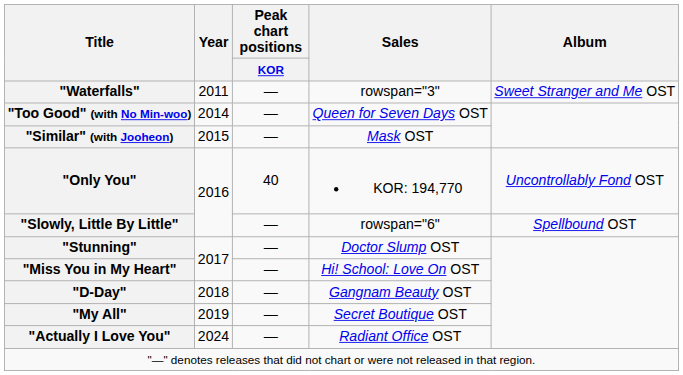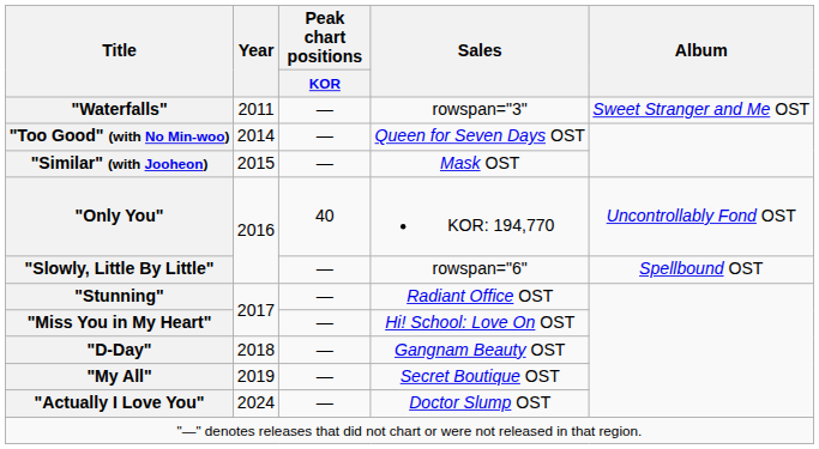 <table class="wikitable plainrowheaders" style="text-align:center;">
 <tr>
 <th scope="col" rowspan="2">Title</th>
 <th scope="col" rowspan="2">Year</th>
 <th scope="col" colspan="1" style="width:5em;">Peak chart positions</th>
 <th scope="col" rowspan="2">Sales</th>
 <th scope="col" rowspan="2">Album</th>
 </tr>
 <tr>
 <th><small><a href='#'>KOR</a></small><br></th>
 </tr>
 <tr>
 <th scope="row">"Waterfalls"</th>
 <td>2011</td>
 <td style="text-align:center;">—</td>
 <td>rowspan="3" </td>
 <td><em><a href='#'>Sweet Stranger and Me</a></em> OST</td>
 </tr>
 <tr>
 <th scope="row">"Too Good" <small>(with <a href='#'>No Min-woo</a>)</small></th>
 <td style="text-align:center;">2014</td>
 <td style="text-align:center;">—</td>
 <td><em><a href='#'>Queen for Seven Days</a></em> OST</td>
 </tr>
 <tr>
 <th scope="row">"Similar" <small>(with <a href='#'>Jooheon</a>)</small></th>
 <td style="text-align:center;">2015</td>
 <td style="text-align:center;">—</td>
 <td><a href='#'><em>Mask</em></a> OST</td>
 </tr>
 <tr>
 <th scope="row">"Only You"</th>
 <td rowspan="2" style="text-align:center;">2016</td>
 <td style="text-align:center;">40</td>
 <td><br><ul><li>KOR: 194,770</li></ul></td>
 <td><em><a href='#'>Uncontrollably Fond</a></em> OST</td>
 </tr>
 <tr>
 <th scope="row">"Slowly, Little By Little"</th>
 <td style="text-align:center;">—</td>
 <td>rowspan="6" </td>
 <td><a href='#'><em>Spellbound</em></a> OST</td>
 </tr>
 <tr>
 <th scope="row">"Stunning"</th>
 <td rowspan="2" style="text-align:center;">2017</td>
 <td style="text-align:center;">—</td>
-<td><em><a href='#'>Doctor Slump</a></em> OST</td>
+<td><em><a href='#'>Radiant Office</a></em> OST</td>
 </tr>
 <tr>
 <th scope="row">"Miss You in My Heart"</th>
 <td>—</td>
 <td><em><a href='#'>Hi! School: Love On</a></em> OST</td>
 </tr>
 <tr>
 <th scope="row">"D-Day"</th>
 <td>2018</td>
 <td>—</td>
 <td><em><a href='#'>Gangnam Beauty</a></em> OST</td>
 </tr>
 <tr>
 <th scope="row">"My All"</th>
 <td>2019</td>
 <td>—</td>
 <td><em><a href='#'>Secret Boutique</a></em> OST</td>
 </tr>
 <tr>
 <th scope="row">"Actually I Love You"</th>
 <td>2024</td>
 <td>—</td>
-<td><em><a href='#'>Radiant Office</a></em> OST</td>
+<td><em><a href='#'>Doctor Slump</a></em> OST</td>
 </tr>
 <tr>
 <td colspan="5"><small>"—" denotes releases that did not chart or were not released in that region.</small></td>
 </tr>
 </table>
